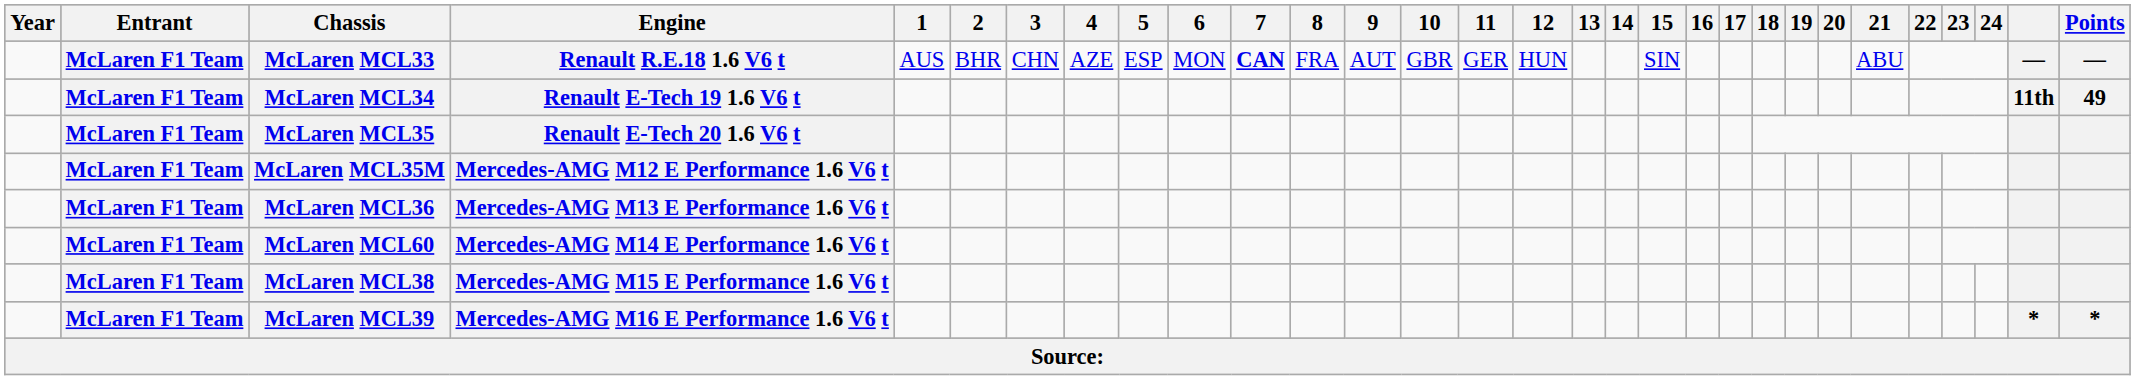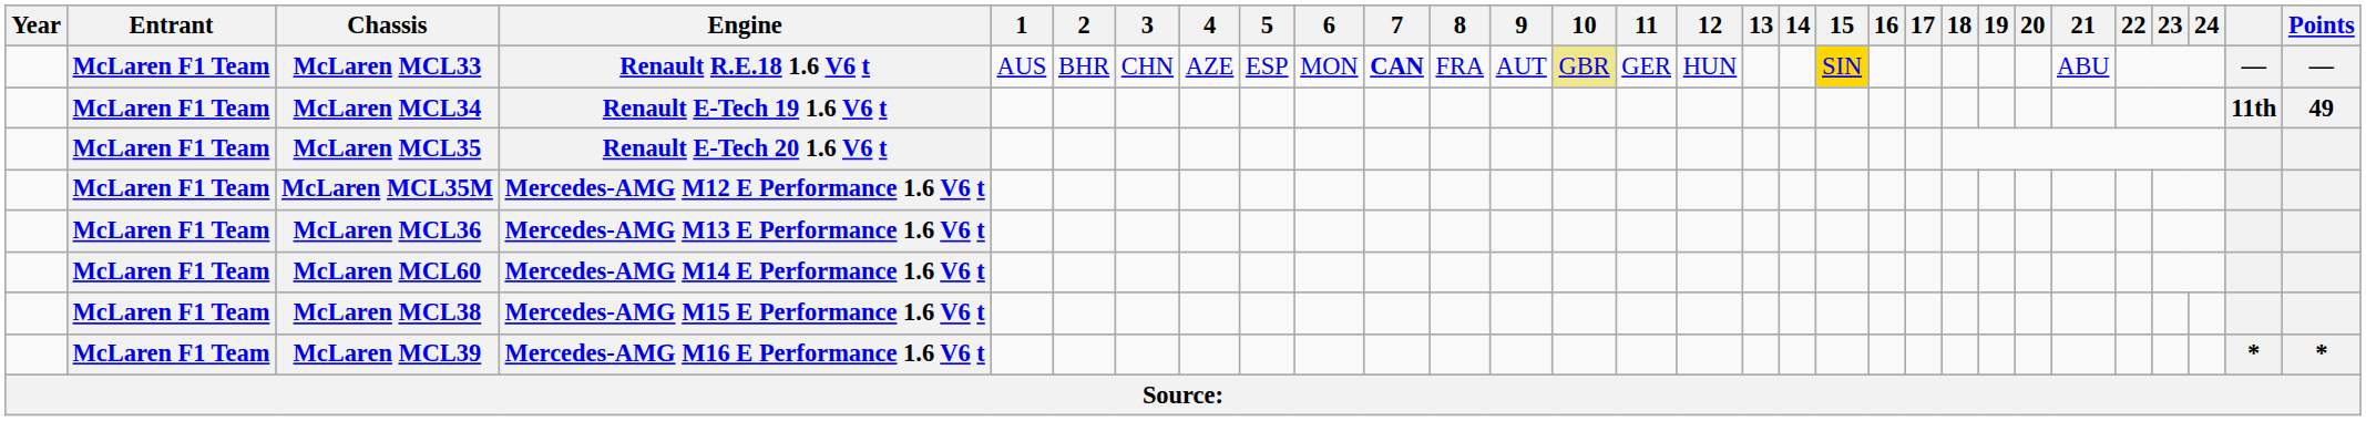 <table class="wikitable" style="text-align:center; font-size:85%">
 <tr>
 <th>Year</th>
 <th>Entrant</th>
 <th>Chassis</th>
 <th>Engine</th>
 <th>1</th>
 <th>2</th>
 <th>3</th>
 <th>4</th>
 <th>5</th>
 <th>6</th>
 <th>7</th>
 <th>8</th>
 <th>9</th>
 <th>10</th>
 <th>11</th>
 <th>12</th>
 <th>13</th>
 <th>14</th>
 <th>15</th>
 <th>16</th>
 <th>17</th>
 <th>18</th>
 <th>19</th>
 <th>20</th>
 <th>21</th>
 <th>22</th>
 <th>23</th>
 <th>24</th>
 <th></th>
 <th><a href='#'>Points</a></th>
 </tr>
 <tr>
 <td></td>
 <th nowrap><a href='#'>McLaren F1 Team</a></th>
 <th nowrap><a href='#'>McLaren</a> <a href='#'>MCL33</a></th>
 <th nowrap><a href='#'>Renault</a> <a href='#'>R.E.18</a> 1.6 <a href='#'>V6</a> <a href='#'>t</a></th>
 <td><a href='#'>AUS</a></td>
 <td><a href='#'>BHR</a></td>
 <td><a href='#'>CHN</a></td>
 <td><a href='#'>AZE</a></td>
 <td><a href='#'>ESP</a></td>
 <td><a href='#'>MON</a></td>
 <td><strong><a href='#'>CAN</a></strong></td>
 <td><a href='#'>FRA</a></td>
 <td><a href='#'>AUT</a></td>
-<td><a href='#'>GBR</a></td>
+<td style="background: khaki;"><a href='#'>GBR</a></td>
 <td><a href='#'>GER</a></td>
 <td><a href='#'>HUN</a></td>
 <td></td>
 <td></td>
-<td><a href='#'>SIN</a></td>
+<td style="background: gold;"><a href='#'>SIN</a></td>
 <td></td>
 <td></td>
 <td></td>
 <td></td>
 <td></td>
 <td><a href='#'>ABU</a></td>
 <td colspan="3"></td>
 <th>—</th>
 <th>—</th>
 </tr>
 <tr>
 <td id=2019R></td>
 <th nowrap><a href='#'>McLaren F1 Team</a></th>
 <th nowrap><a href='#'>McLaren</a> <a href='#'>MCL34</a></th>
 <th nowrap><a href='#'>Renault</a> <a href='#'>E-Tech 19</a> 1.6 <a href='#'>V6</a> <a href='#'>t</a></th>
 <td></td>
 <td></td>
 <td></td>
 <td></td>
 <td></td>
 <td></td>
 <td></td>
 <td></td>
 <td></td>
 <td></td>
 <td></td>
 <td></td>
 <td></td>
 <td></td>
 <td></td>
 <td></td>
 <td></td>
 <td></td>
 <td></td>
 <td></td>
 <td></td>
 <td colspan="3"></td>
 <th>11th</th>
 <th>49</th>
 </tr>
 <tr>
 <td id=2020R></td>
 <th nowrap><a href='#'>McLaren F1 Team</a></th>
 <th nowrap><a href='#'>McLaren</a> <a href='#'>MCL35</a></th>
 <th nowrap><a href='#'>Renault</a> <a href='#'>E-Tech 20</a> 1.6 <a href='#'>V6</a> <a href='#'>t</a></th>
 <td></td>
 <td></td>
 <td></td>
 <td></td>
 <td></td>
 <td></td>
 <td></td>
 <td></td>
 <td></td>
 <td></td>
 <td></td>
 <td></td>
 <td></td>
 <td></td>
 <td></td>
 <td></td>
 <td></td>
 <td colspan="7"></td>
 <th></th>
 <th></th>
 </tr>
 <tr>
 <td id=2021R></td>
 <th nowrap><a href='#'>McLaren F1 Team</a></th>
 <th nowrap><a href='#'>McLaren</a> <a href='#'>MCL35M</a></th>
 <th nowrap><a href='#'>Mercedes-AMG</a> <a href='#'>M12 E Performance</a> 1.6 <a href='#'>V6</a> <a href='#'>t</a></th>
 <td></td>
 <td></td>
 <td></td>
 <td></td>
 <td></td>
 <td></td>
 <td></td>
 <td></td>
 <td></td>
 <td></td>
 <td></td>
 <td></td>
 <td></td>
 <td></td>
 <td></td>
 <td></td>
 <td></td>
 <td></td>
 <td></td>
 <td></td>
 <td></td>
 <td></td>
 <td colspan="2"></td>
 <th></th>
 <th></th>
 </tr>
 <tr>
 <td id=2022R></td>
 <th nowrap><a href='#'>McLaren F1 Team</a></th>
 <th nowrap><a href='#'>McLaren</a> <a href='#'>MCL36</a></th>
 <th nowrap><a href='#'>Mercedes-AMG</a> <a href='#'>M13 E Performance</a> 1.6 <a href='#'>V6</a> <a href='#'>t</a></th>
 <td></td>
 <td></td>
 <td></td>
 <td></td>
 <td></td>
 <td></td>
 <td></td>
 <td></td>
 <td></td>
 <td></td>
 <td></td>
 <td></td>
 <td></td>
 <td></td>
 <td></td>
 <td></td>
 <td></td>
 <td></td>
 <td></td>
 <td></td>
 <td></td>
 <td></td>
 <td colspan="2"></td>
 <th></th>
 <th></th>
 </tr>
 <tr>
 <td id=2023R></td>
 <th nowrap><a href='#'>McLaren F1 Team</a></th>
 <th nowrap><a href='#'>McLaren</a> <a href='#'>MCL60</a></th>
 <th nowrap><a href='#'>Mercedes-AMG</a> <a href='#'>M14 E Performance</a> 1.6 <a href='#'>V6</a> <a href='#'>t</a></th>
 <td></td>
 <td></td>
 <td></td>
 <td></td>
 <td></td>
 <td></td>
 <td></td>
 <td></td>
 <td></td>
 <td></td>
 <td></td>
 <td></td>
 <td></td>
 <td></td>
 <td></td>
 <td></td>
 <td></td>
 <td></td>
 <td></td>
 <td></td>
 <td></td>
 <td></td>
 <td colspan="2"></td>
 <th></th>
 <th></th>
 </tr>
 <tr>
 <td id=2024R></td>
 <th nowrap><a href='#'>McLaren F1 Team</a></th>
 <th nowrap><a href='#'>McLaren</a> <a href='#'>MCL38</a></th>
 <th nowrap><a href='#'>Mercedes-AMG</a> <a href='#'>M15 E Performance</a> 1.6 <a href='#'>V6</a> <a href='#'>t</a></th>
 <td></td>
 <td></td>
 <td></td>
 <td></td>
 <td></td>
 <td></td>
 <td></td>
 <td></td>
 <td></td>
 <td></td>
 <td></td>
 <td></td>
 <td></td>
 <td></td>
 <td></td>
 <td></td>
 <td></td>
 <td></td>
 <td></td>
 <td></td>
 <td></td>
 <td></td>
 <td></td>
 <td></td>
 <th></th>
 <th></th>
 </tr>
 <tr>
 <td id=2025R></td>
 <th nowrap><a href='#'>McLaren F1 Team</a></th>
 <th nowrap><a href='#'>McLaren</a> <a href='#'>MCL39</a></th>
 <th nowrap><a href='#'>Mercedes-AMG</a> <a href='#'>M16 E Performance</a> 1.6 <a href='#'>V6</a> <a href='#'>t</a></th>
 <td></td>
 <td></td>
 <td></td>
 <td></td>
 <td></td>
 <td></td>
 <td></td>
 <td></td>
 <td></td>
 <td></td>
 <td></td>
 <td></td>
 <td></td>
 <td></td>
 <td></td>
 <td></td>
 <td></td>
 <td></td>
 <td></td>
 <td></td>
 <td></td>
 <td></td>
 <td></td>
 <td></td>
 <th>*</th>
 <th>*</th>
 </tr>
 <tr>
 <th colspan="100">Source:</th>
 </tr>
 </table>
